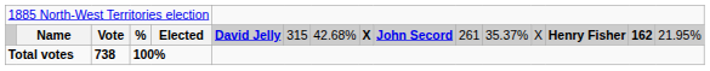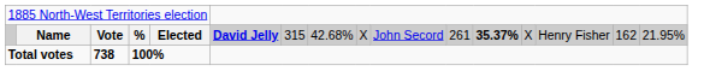 <table class="wikitable">
 <tr>
 <td colspan=5 align=center><a href='#'>1885 North-West Territories election</a></td>
 </tr>
 <tr bgcolor="CCCCCC">
 <td></td>
 <th>Name</th>
 <th>Vote</th>
 <th>%</th>
 <th>Elected<br></th>
 <td><strong><a href='#'>David Jelly</a></strong></td>
 <td>315</td>
 <td>42.68%</td>
-<td><strong>X<br></strong></td>
-<td><strong><a href='#'>John Secord</a></strong></td>
+<td>X<br></td>
+<td><a href='#'>John Secord</a></td>
 <td>261</td>
-<td>35.37%</td>
+<td><strong>35.37%</strong></td>
 <td>X<br></td>
-<td><strong>Henry Fisher</strong></td>
-<td><strong>162</strong></td>
+<td>Henry Fisher</td>
+<td>162</td>
 <td colspan=2 alignment="left">21.95%</td>
 </tr>
 <tr>
 <td colspan=2><strong>Total votes</strong></td>
 <td><strong>738</strong></td>
 <td colspan=2 alignment="left"><strong>100%</strong></td>
 </tr>
 </table>
